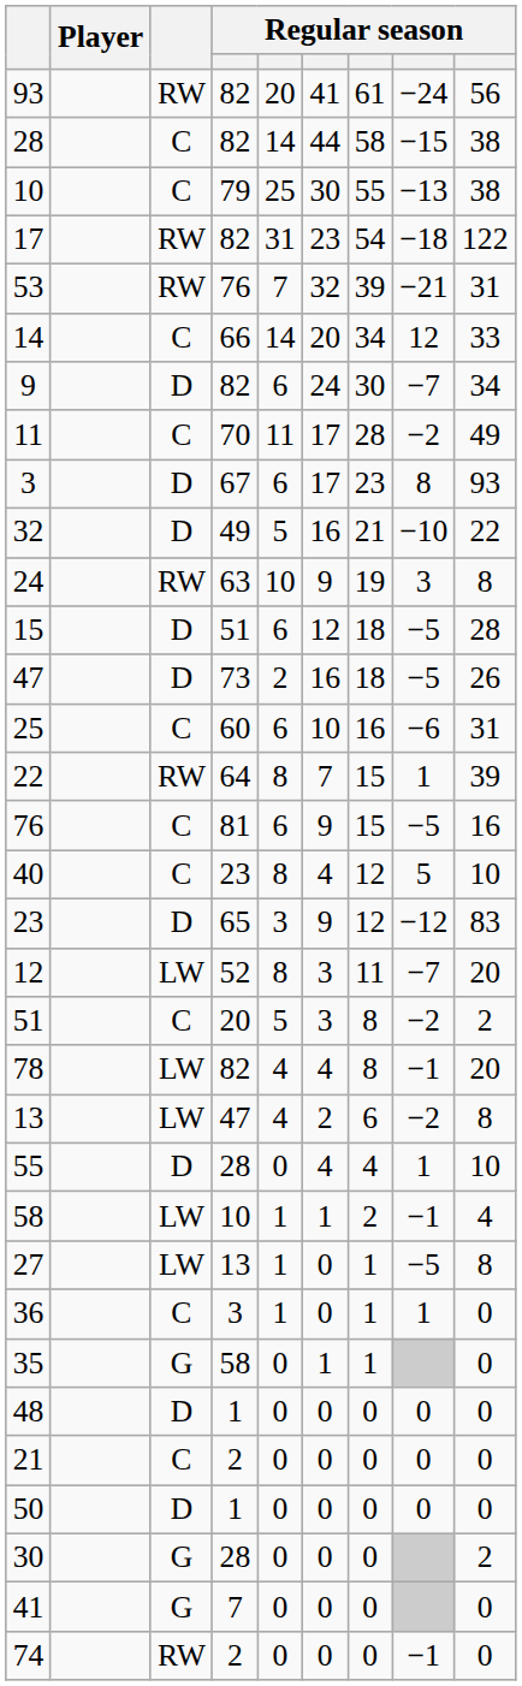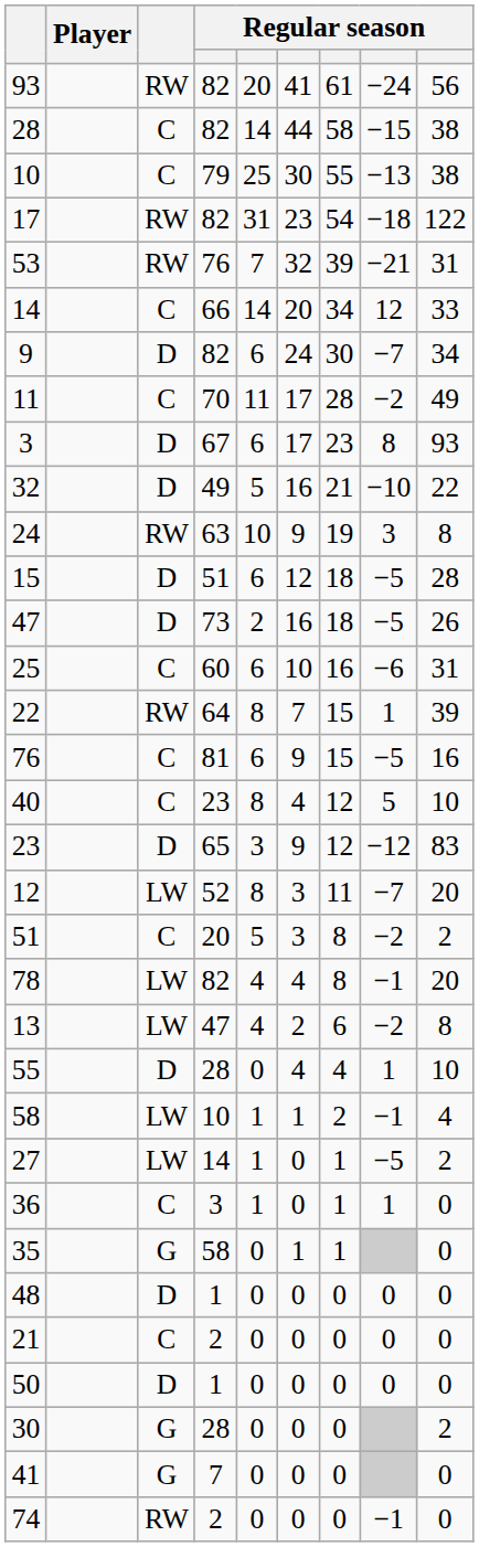 <table class="wikitable sortable plainrowheaders" style="text-align:center;">
 <tr>
 <th scope="col" data-sort-type="number" rowspan="2"></th>
 <th scope="col" rowspan="2">Player</th>
 <th scope="col" rowspan="2"></th>
 <th scope=colgroup colspan=6>Regular season</th>
 </tr>
 <tr>
 <th scope="col" data-sort-type="number"></th>
 <th scope="col" data-sort-type="number"></th>
 <th scope="col" data-sort-type="number"></th>
 <th scope="col" data-sort-type="number"></th>
 <th scope="col" data-sort-type="number"></th>
 <th scope="col" data-sort-type="number"></th>
 </tr>
 <tr>
 <td scope="row">93</td>
 <td align="left"></td>
 <td>RW</td>
 <td>82</td>
 <td>20</td>
 <td>41</td>
 <td>61</td>
 <td>−24</td>
 <td>56</td>
 </tr>
 <tr>
 <td scope="row">28</td>
 <td align="left"></td>
 <td>C</td>
 <td>82</td>
 <td>14</td>
 <td>44</td>
 <td>58</td>
 <td>−15</td>
 <td>38</td>
 </tr>
 <tr>
 <td scope="row">10</td>
 <td align="left"></td>
 <td>C</td>
 <td>79</td>
 <td>25</td>
 <td>30</td>
 <td>55</td>
 <td>−13</td>
 <td>38</td>
 </tr>
 <tr>
 <td scope="row">17</td>
 <td align="left"></td>
 <td>RW</td>
 <td>82</td>
 <td>31</td>
 <td>23</td>
 <td>54</td>
 <td>−18</td>
 <td>122</td>
 </tr>
 <tr>
 <td scope="row">53</td>
 <td align="left"></td>
 <td>RW</td>
 <td>76</td>
 <td>7</td>
 <td>32</td>
 <td>39</td>
 <td>−21</td>
 <td>31</td>
 </tr>
 <tr>
 <td scope="row">14</td>
 <td align="left"></td>
 <td>C</td>
 <td>66</td>
 <td>14</td>
 <td>20</td>
 <td>34</td>
 <td>12</td>
 <td>33</td>
 </tr>
 <tr>
 <td scope="row">9</td>
 <td align="left"></td>
 <td>D</td>
 <td>82</td>
 <td>6</td>
 <td>24</td>
 <td>30</td>
 <td>−7</td>
 <td>34</td>
 </tr>
 <tr>
 <td scope="row">11</td>
 <td align="left"></td>
 <td>C</td>
 <td>70</td>
 <td>11</td>
 <td>17</td>
 <td>28</td>
 <td>−2</td>
 <td>49</td>
 </tr>
 <tr>
 <td scope="row">3</td>
 <td align="left"></td>
 <td>D</td>
 <td>67</td>
 <td>6</td>
 <td>17</td>
 <td>23</td>
 <td>8</td>
 <td>93</td>
 </tr>
 <tr>
 <td scope="row">32</td>
 <td align="left"></td>
 <td>D</td>
 <td>49</td>
 <td>5</td>
 <td>16</td>
 <td>21</td>
 <td>−10</td>
 <td>22</td>
 </tr>
 <tr>
 <td scope="row">24</td>
 <td align="left"></td>
 <td>RW</td>
 <td>63</td>
 <td>10</td>
 <td>9</td>
 <td>19</td>
 <td>3</td>
 <td>8</td>
 </tr>
 <tr>
 <td scope="row">15</td>
 <td align="left"></td>
 <td>D</td>
 <td>51</td>
 <td>6</td>
 <td>12</td>
 <td>18</td>
 <td>−5</td>
 <td>28</td>
 </tr>
 <tr>
 <td scope="row">47</td>
 <td align="left"></td>
 <td>D</td>
 <td>73</td>
 <td>2</td>
 <td>16</td>
 <td>18</td>
 <td>−5</td>
 <td>26</td>
 </tr>
 <tr>
 <td scope="row">25</td>
 <td align="left"></td>
 <td>C</td>
 <td>60</td>
 <td>6</td>
 <td>10</td>
 <td>16</td>
 <td>−6</td>
 <td>31</td>
 </tr>
 <tr>
 <td scope="row">22</td>
 <td align="left"></td>
 <td>RW</td>
 <td>64</td>
 <td>8</td>
 <td>7</td>
 <td>15</td>
 <td>1</td>
 <td>39</td>
 </tr>
 <tr>
 <td scope="row">76</td>
 <td align="left"></td>
 <td>C</td>
 <td>81</td>
 <td>6</td>
 <td>9</td>
 <td>15</td>
 <td>−5</td>
 <td>16</td>
 </tr>
 <tr>
 <td scope="row">40</td>
 <td align="left"></td>
 <td>C</td>
 <td>23</td>
 <td>8</td>
 <td>4</td>
 <td>12</td>
 <td>5</td>
 <td>10</td>
 </tr>
 <tr>
 <td scope="row">23</td>
 <td align="left"></td>
 <td>D</td>
 <td>65</td>
 <td>3</td>
 <td>9</td>
 <td>12</td>
 <td>−12</td>
 <td>83</td>
 </tr>
 <tr>
 <td scope="row">12</td>
 <td align="left"></td>
 <td>LW</td>
 <td>52</td>
 <td>8</td>
 <td>3</td>
 <td>11</td>
 <td>−7</td>
 <td>20</td>
 </tr>
 <tr>
 <td scope="row">51</td>
 <td align="left"></td>
 <td>C</td>
 <td>20</td>
 <td>5</td>
 <td>3</td>
 <td>8</td>
 <td>−2</td>
 <td>2</td>
 </tr>
 <tr>
 <td scope="row">78</td>
 <td align="left"></td>
 <td>LW</td>
 <td>82</td>
 <td>4</td>
 <td>4</td>
 <td>8</td>
 <td>−1</td>
 <td>20</td>
 </tr>
 <tr>
 <td scope="row">13</td>
 <td align="left"></td>
 <td>LW</td>
 <td>47</td>
 <td>4</td>
 <td>2</td>
 <td>6</td>
 <td>−2</td>
 <td>8</td>
 </tr>
 <tr>
 <td scope="row">55</td>
 <td align="left"></td>
 <td>D</td>
 <td>28</td>
 <td>0</td>
 <td>4</td>
 <td>4</td>
 <td>1</td>
 <td>10</td>
 </tr>
 <tr>
 <td scope="row">58</td>
 <td align="left"></td>
 <td>LW</td>
 <td>10</td>
 <td>1</td>
 <td>1</td>
 <td>2</td>
 <td>−1</td>
 <td>4</td>
 </tr>
 <tr>
 <td scope="row">27</td>
 <td align="left"></td>
 <td>LW</td>
-<td>13</td>
+<td>14</td>
 <td>1</td>
 <td>0</td>
 <td>1</td>
 <td>−5</td>
-<td>8</td>
+<td>2</td>
 </tr>
 <tr>
 <td scope="row">36</td>
 <td align="left"></td>
 <td>C</td>
 <td>3</td>
 <td>1</td>
 <td>0</td>
 <td>1</td>
 <td>1</td>
 <td>0</td>
 </tr>
 <tr>
 <td scope="row">35</td>
 <td align="left"></td>
 <td>G</td>
 <td>58</td>
 <td>0</td>
 <td>1</td>
 <td>1</td>
 <td style="background:#ccc"></td>
 <td>0</td>
 </tr>
 <tr>
 <td scope="row">48</td>
 <td align="left"></td>
 <td>D</td>
 <td>1</td>
 <td>0</td>
 <td>0</td>
 <td>0</td>
 <td>0</td>
 <td>0</td>
 </tr>
 <tr>
 <td scope="row">21</td>
 <td align="left"></td>
 <td>C</td>
 <td>2</td>
 <td>0</td>
 <td>0</td>
 <td>0</td>
 <td>0</td>
 <td>0</td>
 </tr>
 <tr>
 <td scope="row">50</td>
 <td align="left"></td>
 <td>D</td>
 <td>1</td>
 <td>0</td>
 <td>0</td>
 <td>0</td>
 <td>0</td>
 <td>0</td>
 </tr>
 <tr>
 <td scope="row">30</td>
 <td align="left"></td>
 <td>G</td>
 <td>28</td>
 <td>0</td>
 <td>0</td>
 <td>0</td>
 <td style="background:#ccc"></td>
 <td>2</td>
 </tr>
 <tr>
 <td scope="row">41</td>
 <td align="left"></td>
 <td>G</td>
 <td>7</td>
 <td>0</td>
 <td>0</td>
 <td>0</td>
 <td style="background:#ccc"></td>
 <td>0</td>
 </tr>
 <tr>
 <td scope="row">74</td>
 <td align="left"></td>
 <td>RW</td>
 <td>2</td>
 <td>0</td>
 <td>0</td>
 <td>0</td>
 <td>−1</td>
 <td>0</td>
 </tr>
 </table>
